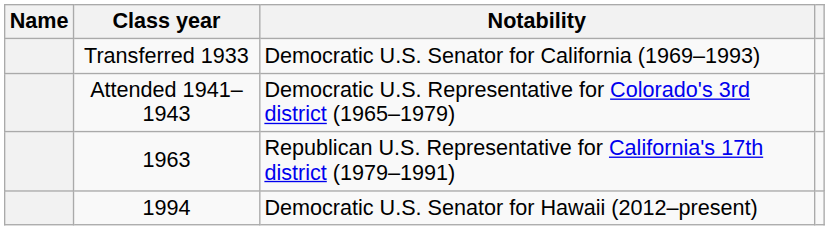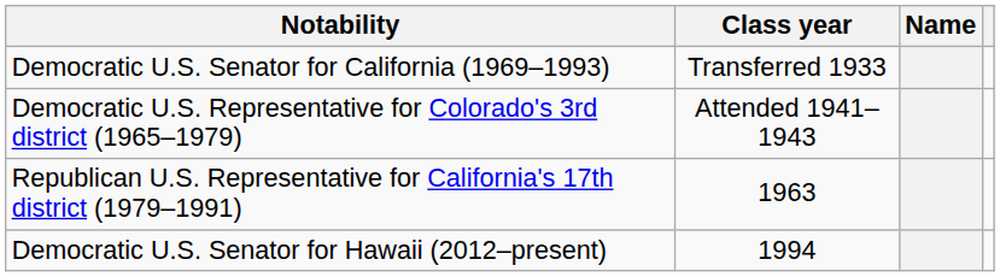 <table class="wikitable sortable plainrowheaders" style="text-align:center; border:2px solid #">
 <tr>
+<th scope="col">Notability</th>
+<th scope="col">Class year</th>
 <th scope="col">Name</th>
-<th scope="col">Class year</th>
-<th scope="col">Notability</th>
 <th scope="col"></th>
 </tr>
 <tr>
+<td style="text-align:left;">Democratic U.S. Senator for California (1969–1993)</td>
+<td>Transferred 1933</td>
 <th scope="row"></th>
-<td>Transferred 1933</td>
-<td style="text-align:left;">Democratic U.S. Senator for California (1969–1993)</td>
 <td></td>
 </tr>
 <tr>
+<td style="text-align:left;">Democratic U.S. Representative for <a href='#'>Colorado's 3rd district</a> (1965–1979)</td>
+<td>Attended 1941–1943</td>
 <th scope="row"></th>
-<td>Attended 1941–1943</td>
-<td style="text-align:left;">Democratic U.S. Representative for <a href='#'>Colorado's 3rd district</a> (1965–1979)</td>
 <td></td>
 </tr>
 <tr>
+<td style="text-align:left;">Republican U.S. Representative for <a href='#'>California's 17th district</a> (1979–1991)</td>
+<td>1963</td>
 <th scope="row"></th>
-<td>1963</td>
-<td style="text-align:left;">Republican U.S. Representative for <a href='#'>California's 17th district</a> (1979–1991)</td>
 <td></td>
 </tr>
 <tr>
+<td style="text-align:left;">Democratic U.S. Senator for Hawaii (2012–present)</td>
+<td>1994</td>
 <th scope="row"></th>
-<td>1994</td>
-<td style="text-align:left;">Democratic U.S. Senator for Hawaii (2012–present)</td>
 <td></td>
 </tr>
 </table>
